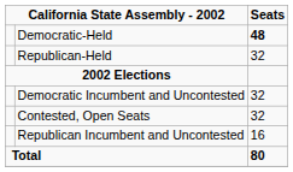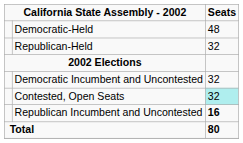 <table class="wikitable">
 <tr>
 <td colspan="2" rowspan="1" align="center" valign="top"><strong>California State Assembly - 2002</strong></td>
 <td style="vertical-align:top;"><strong>Seats</strong><br></td>
 </tr>
 <tr>
 <td style="background-color:"> </td>
 <td>Democratic-Held</td>
-<td><strong>48</strong></td>
+<td>48</td>
 </tr>
 <tr>
 <td style="background-color:"> </td>
 <td>Republican-Held</td>
 <td>32</td>
 </tr>
 <tr>
 <td colspan="2" rowspan="1" align="center"><strong>2002 Elections</strong></td>
 </tr>
 <tr>
 <td style="background-color:"> </td>
 <td>Democratic Incumbent and Uncontested</td>
 <td>32</td>
 </tr>
 <tr>
 <td style="background-color:"> </td>
 <td>Contested, Open Seats</td>
-<td>32</td>
+<td style="background: paleturquoise;">32</td>
 </tr>
 <tr>
 <td style="background-color:"> </td>
 <td>Republican Incumbent and Uncontested</td>
-<td>16</td>
+<td><strong>16</strong></td>
 </tr>
 <tr>
 <td colspan="2" rowspan="1"> <strong>Total</strong><br></td>
 <td><strong>80</strong></td>
 </tr>
 <tr>
 </tr>
 </table>
